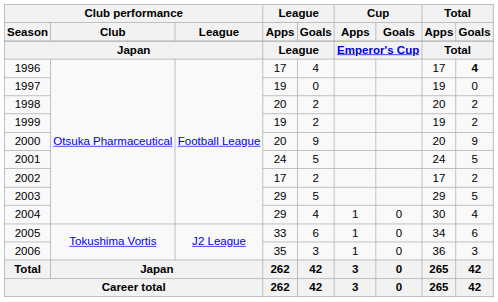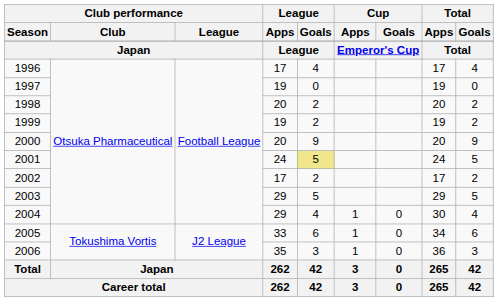 <table class="wikitable" style="text-align:center">
 <tr>
 <th colspan=3>Club performance</th>
 <th colspan=2>League</th>
 <th colspan=2>Cup</th>
 <th colspan=2>Total</th>
 </tr>
 <tr>
 <th>Season</th>
 <th>Club</th>
 <th>League</th>
 <th>Apps</th>
 <th>Goals</th>
 <th>Apps</th>
 <th>Goals</th>
 <th>Apps</th>
 <th>Goals</th>
 </tr>
 <tr>
 </tr>
 <tr>
 <th colspan=3>Japan</th>
 <th colspan=2>League</th>
 <th colspan=2><a href='#'>Emperor's Cup</a></th>
 <th colspan=2>Total</th>
 </tr>
 <tr>
 <td>1996</td>
 <td rowspan=9><a href='#'>Otsuka Pharmaceutical</a></td>
 <td rowspan=9><a href='#'>Football League</a></td>
 <td>17</td>
 <td>4</td>
 <td></td>
 <td></td>
 <td>17</td>
-<td><strong>4</strong></td>
+<td>4</td>
 </tr>
 <tr>
 <td>1997</td>
 <td>19</td>
 <td>0</td>
 <td></td>
 <td></td>
 <td>19</td>
 <td>0</td>
 </tr>
 <tr>
 <td>1998</td>
 <td>20</td>
 <td>2</td>
 <td></td>
 <td></td>
 <td>20</td>
 <td>2</td>
 </tr>
 <tr>
 <td>1999</td>
 <td>19</td>
 <td>2</td>
 <td></td>
 <td></td>
 <td>19</td>
 <td>2</td>
 </tr>
 <tr>
 <td>2000</td>
 <td>20</td>
 <td>9</td>
 <td></td>
 <td></td>
 <td>20</td>
 <td>9</td>
 </tr>
 <tr>
 <td>2001</td>
 <td>24</td>
-<td>5</td>
+<td style="background: khaki;">5</td>
 <td></td>
 <td></td>
 <td>24</td>
 <td>5</td>
 </tr>
 <tr>
 <td>2002</td>
 <td>17</td>
 <td>2</td>
 <td></td>
 <td></td>
 <td>17</td>
 <td>2</td>
 </tr>
 <tr>
 <td>2003</td>
 <td>29</td>
 <td>5</td>
 <td></td>
 <td></td>
 <td>29</td>
 <td>5</td>
 </tr>
 <tr>
 <td>2004</td>
 <td>29</td>
 <td>4</td>
 <td>1</td>
 <td>0</td>
 <td>30</td>
 <td>4</td>
 </tr>
 <tr>
 <td>2005</td>
 <td rowspan=2><a href='#'>Tokushima Vortis</a></td>
 <td rowspan=2><a href='#'>J2 League</a></td>
 <td>33</td>
 <td>6</td>
 <td>1</td>
 <td>0</td>
 <td>34</td>
 <td>6</td>
 </tr>
 <tr>
 <td>2006</td>
 <td>35</td>
 <td>3</td>
 <td>1</td>
 <td>0</td>
 <td>36</td>
 <td>3</td>
 </tr>
 <tr>
 <th rowspan=1>Total</th>
 <th colspan=2>Japan</th>
 <th>262</th>
 <th>42</th>
 <th>3</th>
 <th>0</th>
 <th>265</th>
 <th>42</th>
 </tr>
 <tr>
 <th colspan=3>Career total</th>
 <th>262</th>
 <th>42</th>
 <th>3</th>
 <th>0</th>
 <th>265</th>
 <th>42</th>
 </tr>
 </table>
